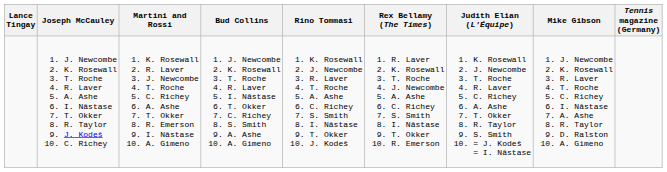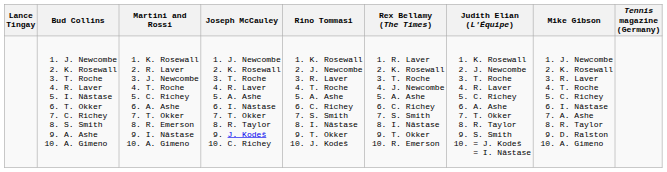 <table class="wikitable">
 <tr>
 <th>Lance Tingay</th>
+<th>Bud Collins</th>
+<th>Martini and Rossi</th>
 <th>Joseph McCauley<em></em></th>
-<th>Martini and Rossi</th>
-<th>Bud Collins</th>
 <th>Rino Tommasi</th>
 <th>Rex Bellamy<br>(<em>The Times</em>)</th>
 <th>Judith Elian<em></em><br>(<em>L'Équipe</em>)</th>
 <th>Mike Gibson<em></em></th>
 <th><em>Tennis</em> magazine<em></em><br>(Germany)</th>
 </tr>
 <tr style="vertical-align: top;">
 <td style="white-space: nowrap;"><br></td>
+<td style="white-space: nowrap;"><br><ol><li> J. Newcombe</li><li> K. Rosewall</li><li> T. Roche</li><li> R. Laver</li><li> I. Năstase</li><li> T. Okker</li><li> C. Richey</li><li> S. Smith</li><li> A. Ashe</li><li> A. Gimeno</li></ol></td>
+<td style="white-space: nowrap;"><br><ol><li> K. Rosewall</li><li> R. Laver</li><li> J. Newcombe</li><li> T. Roche</li><li> C. Richey</li><li> A. Ashe</li><li> T. Okker</li><li> R. Emerson</li><li> I. Năstase</li><li> A. Gimeno</li></ol></td>
 <td style="white-space: nowrap;"><br><ol><li> J. Newcombe</li><li> K. Rosewall</li><li> T. Roche</li><li> R. Laver</li><li> A. Ashe</li><li> I. Năstase</li><li> T. Okker</li><li> R. Taylor</li><li> <a href='#'>J. Kodeš</a></li><li> C. Richey</li></ol></td>
-<td style="white-space: nowrap;"><br><ol><li> K. Rosewall</li><li> R. Laver</li><li> J. Newcombe</li><li> T. Roche</li><li> C. Richey</li><li> A. Ashe</li><li> T. Okker</li><li> R. Emerson</li><li> I. Năstase</li><li> A. Gimeno</li></ol></td>
-<td style="white-space: nowrap;"><br><ol><li> J. Newcombe</li><li> K. Rosewall</li><li> T. Roche</li><li> R. Laver</li><li> I. Năstase</li><li> T. Okker</li><li> C. Richey</li><li> S. Smith</li><li> A. Ashe</li><li> A. Gimeno</li></ol></td>
 <td style="white-space: nowrap;"><br><ol><li> K. Rosewall</li><li> J. Newcombe</li><li> R. Laver</li><li> T. Roche</li><li> A. Ashe</li><li> C. Richey</li><li> S. Smith</li><li> I. Năstase</li><li> T. Okker</li><li> J. Kodeš</li></ol></td>
 <td style="white-space: nowrap;"><br><ol><li> R. Laver</li><li> K. Rosewall</li><li> T. Roche</li><li> J. Newcombe</li><li> A. Ashe</li><li> C. Richey</li><li> S. Smith</li><li> I. Năstase</li><li> T. Okker</li><li> R. Emerson</li></ol></td>
 <td style="white-space: nowrap;"><br><ol><li> K. Rosewall</li><li> J. Newcombe</li><li> T. Roche</li><li> R. Laver</li><li> C. Richey</li><li> A. Ashe</li><li> T. Okker</li><li> R. Taylor</li><li> S. Smith</li><li>= J. Kodeš<br>= I. Năstase</li></ol></td>
 <td style="white-space: nowrap;"><br><ol><li> J. Newcombe</li><li> K. Rosewall</li><li> R. Laver</li><li> T. Roche</li><li> C. Richey</li><li> I. Năstase</li><li> A. Ashe</li><li> R. Taylor</li><li> D. Ralston</li><li> A. Gimeno</li></ol></td>
 <td style="white-space: nowrap;"><br></td>
 </tr>
 </table>
